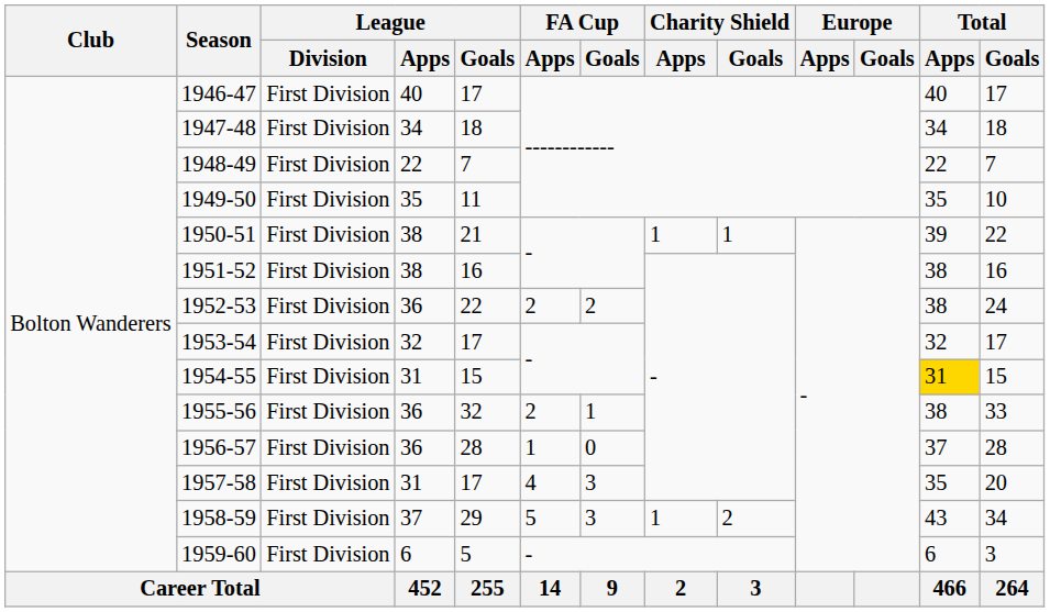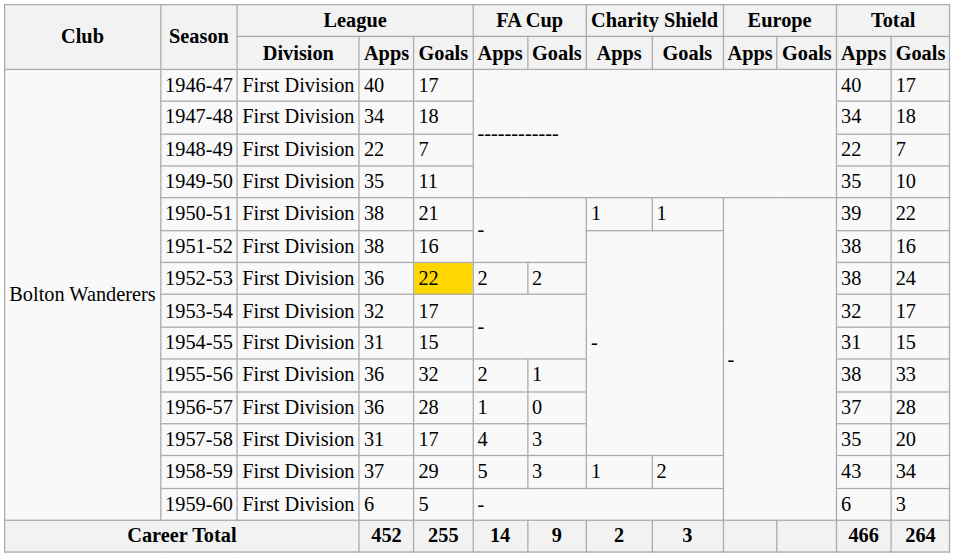 <table class="wikitable sortable mw-collapsible">
 <tr>
 <th rowspan="2">Club</th>
 <th rowspan="2">Season</th>
 <th colspan="3">League</th>
 <th colspan="2">FA Cup</th>
 <th colspan="2">Charity Shield</th>
 <th colspan="2">Europe</th>
 <th colspan="2">Total</th>
 </tr>
 <tr>
 <th>Division</th>
 <th>Apps</th>
 <th>Goals</th>
 <th>Apps</th>
 <th>Goals</th>
 <th>Apps</th>
 <th>Goals</th>
 <th>Apps</th>
 <th>Goals</th>
 <th>Apps</th>
 <th>Goals</th>
 </tr>
 <tr>
 <td rowspan="14">Bolton Wanderers</td>
 <td>1946-47</td>
 <td>First Division</td>
 <td>40</td>
 <td>17</td>
 <td colspan="6" rowspan="4">------------</td>
 <td>40</td>
 <td>17</td>
 </tr>
 <tr>
 <td>1947-48</td>
 <td>First Division</td>
 <td>34</td>
 <td>18</td>
 <td>34</td>
 <td>18</td>
 </tr>
 <tr>
 <td>1948-49</td>
 <td>First Division</td>
 <td>22</td>
 <td>7</td>
 <td>22</td>
 <td>7</td>
 </tr>
 <tr>
 <td>1949-50</td>
 <td>First Division</td>
 <td>35</td>
 <td>11</td>
 <td>35</td>
 <td>10</td>
 </tr>
 <tr>
 <td>1950-51</td>
 <td>First Division</td>
 <td>38</td>
 <td>21</td>
 <td colspan="2" rowspan="2">-</td>
 <td>1</td>
 <td>1</td>
 <td colspan="2" rowspan="10">-</td>
 <td>39</td>
 <td>22</td>
 </tr>
 <tr>
 <td>1951-52</td>
 <td>First Division</td>
 <td>38</td>
 <td>16</td>
 <td colspan="2" rowspan="7">-</td>
 <td>38</td>
 <td>16</td>
 </tr>
 <tr>
 <td>1952-53</td>
 <td>First Division</td>
 <td>36</td>
-<td>22</td>
+<td style="background: gold;">22</td>
 <td>2</td>
 <td>2</td>
 <td>38</td>
 <td>24</td>
 </tr>
 <tr>
 <td>1953-54</td>
 <td>First Division</td>
 <td>32</td>
 <td>17</td>
 <td colspan="2" rowspan="2">-</td>
 <td>32</td>
 <td>17</td>
 </tr>
 <tr>
 <td>1954-55</td>
 <td>First Division</td>
 <td>31</td>
 <td>15</td>
-<td style="background: gold;">31</td>
+<td>31</td>
 <td>15</td>
 </tr>
 <tr>
 <td>1955-56</td>
 <td>First Division</td>
 <td>36</td>
 <td>32</td>
 <td>2</td>
 <td>1</td>
 <td>38</td>
 <td>33</td>
 </tr>
 <tr>
 <td>1956-57</td>
 <td>First Division</td>
 <td>36</td>
 <td>28</td>
 <td>1</td>
 <td>0</td>
 <td>37</td>
 <td>28</td>
 </tr>
 <tr>
 <td>1957-58</td>
 <td>First Division</td>
 <td>31</td>
 <td>17</td>
 <td>4</td>
 <td>3</td>
 <td>35</td>
 <td>20</td>
 </tr>
 <tr>
 <td>1958-59</td>
 <td>First Division</td>
 <td>37</td>
 <td>29</td>
 <td>5</td>
 <td>3</td>
 <td>1</td>
 <td>2</td>
 <td>43</td>
 <td>34</td>
 </tr>
 <tr>
 <td>1959-60</td>
 <td>First Division</td>
 <td>6</td>
 <td>5</td>
 <td colspan="4">-</td>
 <td>6</td>
 <td>3</td>
 </tr>
 <tr>
 <th colspan="3"><strong>Career Total</strong></th>
 <th><strong>452</strong></th>
 <th><strong>255</strong></th>
 <th><strong>14</strong></th>
 <th><strong>9</strong></th>
 <th>2</th>
 <th>3</th>
 <th></th>
 <th></th>
 <th><strong>466</strong></th>
 <th><strong>264</strong></th>
 </tr>
 </table>
